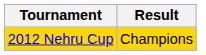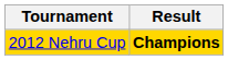 <table class="wikitable">
 <tr>
 <th>Tournament</th>
 <th>Result</th>
 </tr>
 <tr style="background:gold;">
 <td> <a href='#'>2012 Nehru Cup</a></td>
-<td>Champions</td>
+<td><strong>Champions</strong></td>
 </tr>
 </table>
